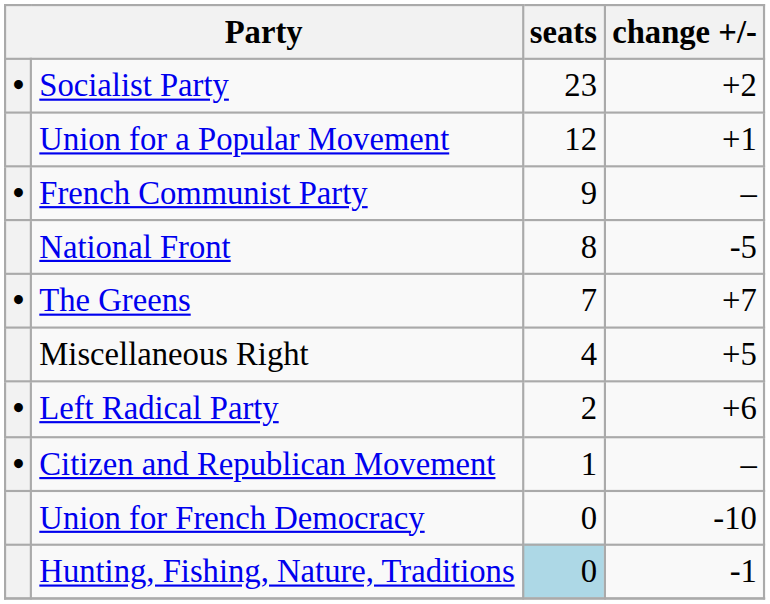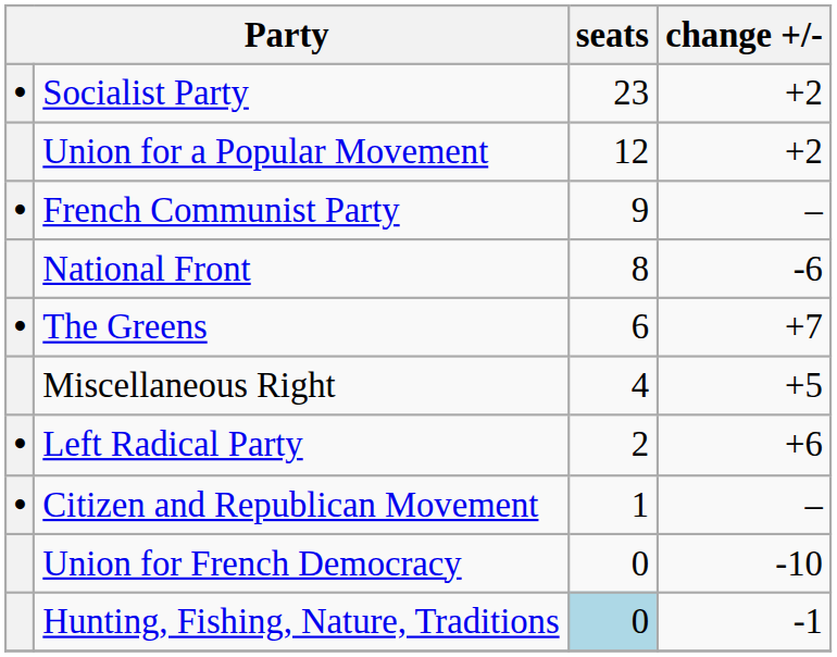 <table class="wikitable" style="font-size: 95%;">
 <tr>
 <th colspan=2>Party</th>
 <th>seats</th>
 <th>change +/-</th>
 </tr>
 <tr>
 <th style="background-color: "><span>•</span></th>
 <td><a href='#'>Socialist Party</a></td>
 <td align="right">23</td>
 <td align="right">+2</td>
 </tr>
 <tr>
 <th style="background-color: "></th>
 <td><a href='#'>Union for a Popular Movement</a></td>
 <td align="right">12</td>
-<td align="right">+1</td>
+<td align="right">+2</td>
 </tr>
 <tr>
 <th style="background-color: "><span>•</span></th>
 <td><a href='#'>French Communist Party</a></td>
 <td align="right">9</td>
 <td align="right">–</td>
 </tr>
 <tr>
 <th style="background-color: "></th>
 <td><a href='#'>National Front</a></td>
 <td align="right">8</td>
-<td align="right">-5</td>
+<td align="right">-6</td>
 </tr>
 <tr>
 <th style="background-color: "><span>•</span></th>
 <td><a href='#'>The Greens</a></td>
-<td align="right">7</td>
+<td align="right">6</td>
 <td align="right">+7</td>
 </tr>
 <tr>
 <th style="background-color: "></th>
 <td>Miscellaneous Right</td>
 <td align="right">4</td>
 <td align="right">+5</td>
 </tr>
 <tr>
 <th style="background-color: "><span>•</span></th>
 <td><a href='#'>Left Radical Party</a></td>
 <td align="right">2</td>
 <td align="right">+6</td>
 </tr>
 <tr>
 <th style="background-color: "><span>•</span></th>
 <td><a href='#'>Citizen and Republican Movement</a></td>
 <td align="right">1</td>
 <td align="right">–</td>
 </tr>
 <tr>
 <th style="background-color: "></th>
 <td><a href='#'>Union for French Democracy</a></td>
 <td align="right">0</td>
 <td align="right">-10</td>
 </tr>
 <tr>
 <th style="background-color: "></th>
 <td><a href='#'>Hunting, Fishing, Nature, Traditions</a></td>
 <td align="right" style="background: lightblue;">0</td>
 <td align="right">-1</td>
 </tr>
 <tr>
 </tr>
 </table>
